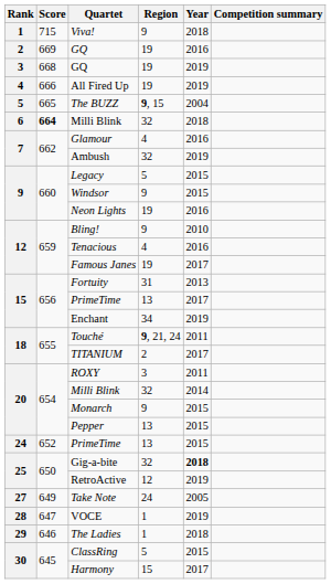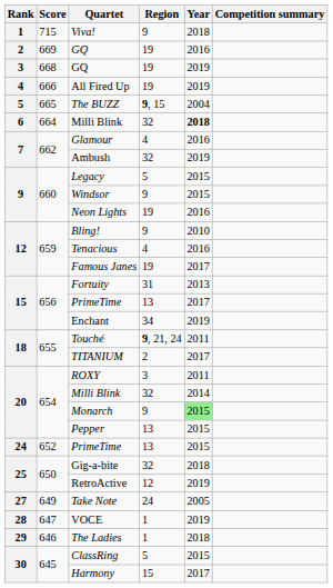 <table class="wikitable sortable sticky-header">
 <tr>
 <th scope="col">Rank</th>
 <th scope="col">Score</th>
 <th scope="col">Quartet</th>
 <th scope="col">Region</th>
 <th scope="col">Year</th>
 <th scope="col" class="unsortable">Competition summary</th>
 </tr>
 <tr>
 <th>1</th>
 <td>715</td>
 <td><em>Viva!</em></td>
 <td>9</td>
 <td>2018</td>
 <td></td>
 </tr>
 <tr>
 <th scope="row">2</th>
 <td>669</td>
 <td><em>GQ</em></td>
 <td>19</td>
 <td>2016</td>
 <td></td>
 </tr>
 <tr>
 <th>3</th>
 <td>668</td>
 <td>GQ</td>
 <td>19</td>
 <td>2019</td>
 <td></td>
 </tr>
 <tr>
 <th>4</th>
 <td>666</td>
 <td>All Fired Up</td>
 <td>19</td>
 <td>2019</td>
 <td></td>
 </tr>
 <tr>
 <th scope="row">5</th>
 <td>665</td>
 <td><em>The BUZZ</em></td>
 <td><strong>9</strong>, 15</td>
 <td>2004</td>
 <td></td>
 </tr>
 <tr>
 <th>6</th>
-<td><strong>664</strong></td>
+<td>664</td>
 <td>Milli Blink</td>
 <td>32</td>
-<td>2018</td>
+<td><strong>2018</strong></td>
 <td></td>
 </tr>
 <tr>
 <th rowspan="2" scope="row">7</th>
 <td rowspan="2">662</td>
 <td><em>Glamour</em></td>
 <td>4</td>
 <td>2016</td>
 <td></td>
 </tr>
 <tr>
 <td>Ambush</td>
 <td>32</td>
 <td>2019</td>
 <td></td>
 </tr>
 <tr>
 <th rowspan="3">9</th>
 <td rowspan="3">660</td>
 <td><em>Legacy</em></td>
 <td>5</td>
 <td>2015</td>
 <td></td>
 </tr>
 <tr>
 <td><em>Windsor</em></td>
 <td>9</td>
 <td>2015</td>
 <td></td>
 </tr>
 <tr>
 <td><em>Neon Lights</em></td>
 <td>19</td>
 <td>2016</td>
 <td></td>
 </tr>
 <tr>
 <th rowspan="3" scope="row">12</th>
 <td rowspan="3">659</td>
 <td><em>Bling!</em></td>
 <td>9</td>
 <td>2010</td>
 <td></td>
 </tr>
 <tr>
 <td><em>Tenacious</em></td>
 <td>4</td>
 <td>2016</td>
 <td></td>
 </tr>
 <tr>
 <td><em>Famous Janes</em></td>
 <td>19</td>
 <td>2017</td>
 <td></td>
 </tr>
 <tr>
 <th rowspan="3" scope="row">15</th>
 <td rowspan="3">656</td>
 <td><em>Fortuity</em></td>
 <td>31</td>
 <td>2013</td>
 <td></td>
 </tr>
 <tr>
 <td><em>PrimeTime</em></td>
 <td>13</td>
 <td>2017</td>
 <td></td>
 </tr>
 <tr>
 <td>Enchant</td>
 <td>34</td>
 <td>2019</td>
 <td></td>
 </tr>
 <tr>
 <th rowspan="2" scope="row">18</th>
 <td rowspan="2">655</td>
 <td><em>Touché</em></td>
 <td><strong>9</strong>, 21, 24</td>
 <td>2011</td>
 <td></td>
 </tr>
 <tr>
 <td><em>TITANIUM</em></td>
 <td>2</td>
 <td>2017</td>
 <td></td>
 </tr>
 <tr>
 <th rowspan="4" scope="row">20</th>
 <td rowspan="4">654</td>
 <td><em>ROXY</em></td>
 <td>3</td>
 <td>2011</td>
 <td></td>
 </tr>
 <tr>
 <td><em>Milli Blink</em></td>
 <td>32</td>
 <td>2014</td>
 <td></td>
 </tr>
 <tr>
 <td><em>Monarch</em></td>
 <td>9</td>
-<td>2015</td>
+<td style="background: lightgreen;">2015</td>
 <td></td>
 </tr>
 <tr>
 <td><em>Pepper</em></td>
 <td>13</td>
 <td>2015</td>
 <td></td>
 </tr>
 <tr>
 <th>24</th>
 <td>652</td>
 <td><em>PrimeTime</em></td>
 <td>13</td>
 <td>2015</td>
 <td></td>
 </tr>
 <tr>
 <th rowspan="2">25</th>
 <td rowspan="2">650</td>
 <td>Gig-a-bite</td>
 <td>32</td>
-<td><strong>2018</strong></td>
+<td>2018</td>
 <td></td>
 </tr>
 <tr>
 <td>RetroActive</td>
 <td>12</td>
 <td>2019</td>
 <td></td>
 </tr>
 <tr>
 <th scope="row">27</th>
 <td>649</td>
 <td><em>Take Note</em></td>
 <td>24</td>
 <td>2005</td>
 <td></td>
 </tr>
 <tr>
 <th>28</th>
 <td>647</td>
 <td>VOCE</td>
 <td>1</td>
 <td>2019</td>
 <td></td>
 </tr>
 <tr>
 <th>29</th>
 <td>646</td>
 <td><em>The Ladies</em></td>
 <td>1</td>
 <td>2018</td>
 <td></td>
 </tr>
 <tr>
 <th rowspan="2">30</th>
 <td rowspan="2">645</td>
 <td><em>ClassRing</em></td>
 <td>5</td>
 <td>2015</td>
 <td></td>
 </tr>
 <tr>
 <td><em>Harmony</em></td>
 <td>15</td>
 <td>2017</td>
 <td></td>
 </tr>
 </table>
